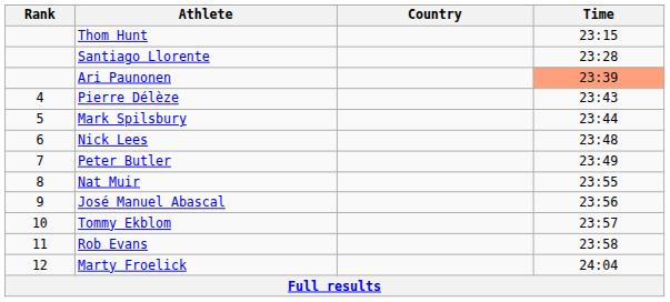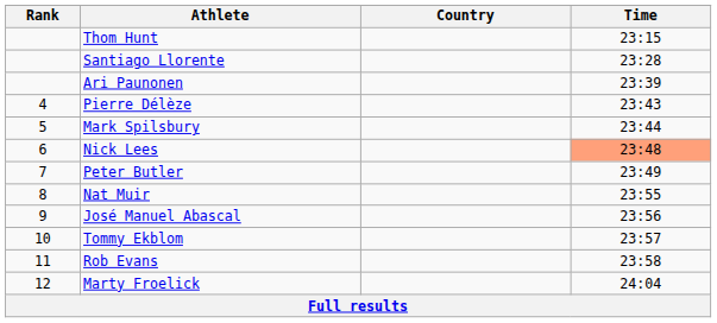 <table class="wikitable sortable" style=" text-align:center; font-size:95%;" width="50%">
 <tr>
 </tr>
 <tr>
 <th width=5%>Rank</th>
 <th width=20%>Athlete</th>
 <th width=15%>Country</th>
 <th width=10%>Time</th>
 </tr>
 <tr>
 <td align=center></td>
 <td align=left><a href='#'>Thom Hunt</a></td>
 <td align=left></td>
 <td>23:15</td>
 </tr>
 <tr>
 <td align=center></td>
 <td align=left><a href='#'>Santiago Llorente</a></td>
 <td align=left></td>
 <td>23:28</td>
 </tr>
 <tr>
 <td align=center></td>
 <td align=left><a href='#'>Ari Paunonen</a></td>
 <td align=left></td>
-<td style="background: lightsalmon;">23:39</td>
+<td>23:39</td>
 </tr>
 <tr>
 <td align=center>4</td>
 <td align=left><a href='#'>Pierre Délèze</a></td>
 <td align=left></td>
 <td>23:43</td>
 </tr>
 <tr>
 <td align=center>5</td>
 <td align=left><a href='#'>Mark Spilsbury</a></td>
 <td align=left></td>
 <td>23:44</td>
 </tr>
 <tr>
 <td align=center>6</td>
 <td align=left><a href='#'>Nick Lees</a></td>
 <td align=left></td>
-<td>23:48</td>
+<td style="background: lightsalmon;">23:48</td>
 </tr>
 <tr>
 <td align=center>7</td>
 <td align=left><a href='#'>Peter Butler</a></td>
 <td align=left></td>
 <td>23:49</td>
 </tr>
 <tr>
 <td align=center>8</td>
 <td align=left><a href='#'>Nat Muir</a></td>
 <td align=left></td>
 <td>23:55</td>
 </tr>
 <tr>
 <td align=center>9</td>
 <td align=left><a href='#'>José Manuel Abascal</a></td>
 <td align=left></td>
 <td>23:56</td>
 </tr>
 <tr>
 <td align=center>10</td>
 <td align=left><a href='#'>Tommy Ekblom</a></td>
 <td align=left></td>
 <td>23:57</td>
 </tr>
 <tr>
 <td align=center>11</td>
 <td align=left><a href='#'>Rob Evans</a></td>
 <td align=left></td>
 <td>23:58</td>
 </tr>
 <tr>
 <td align=center>12</td>
 <td align=left><a href='#'>Marty Froelick</a></td>
 <td align=left></td>
 <td>24:04</td>
 </tr>
 <tr class="sortbottom">
 <th colspan=4 align=center><a href='#'>Full results</a></th>
 </tr>
 </table>
